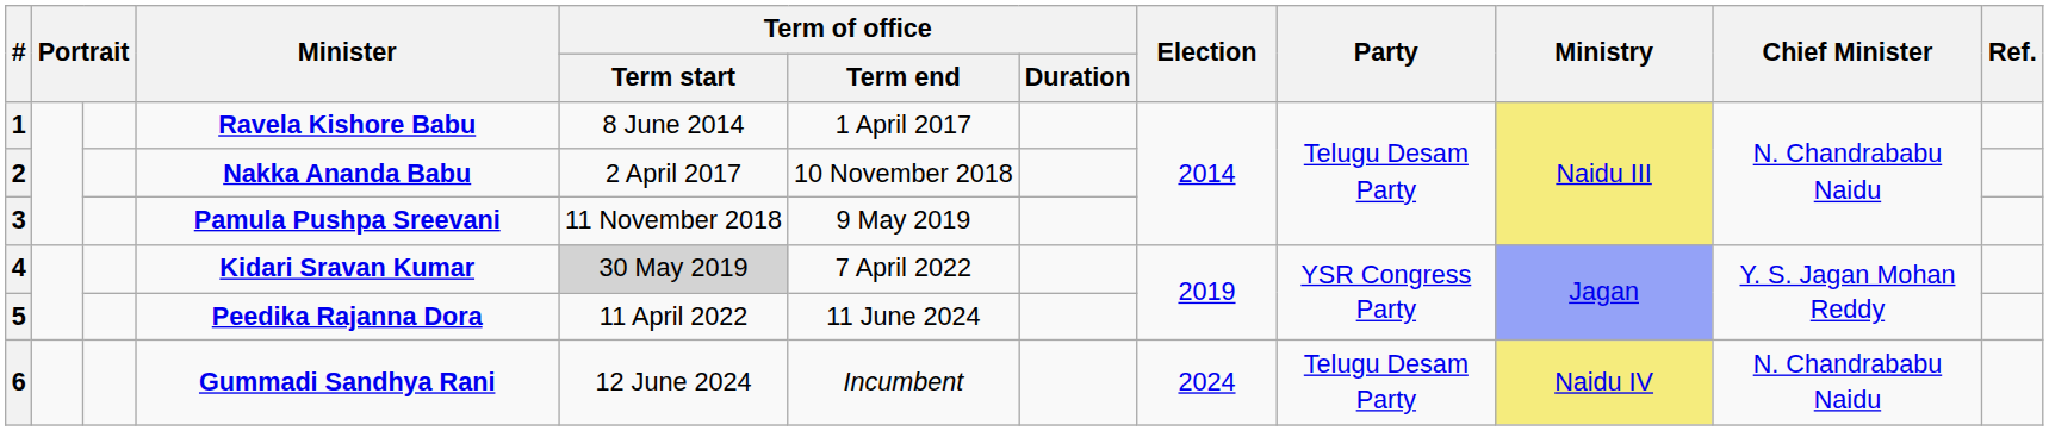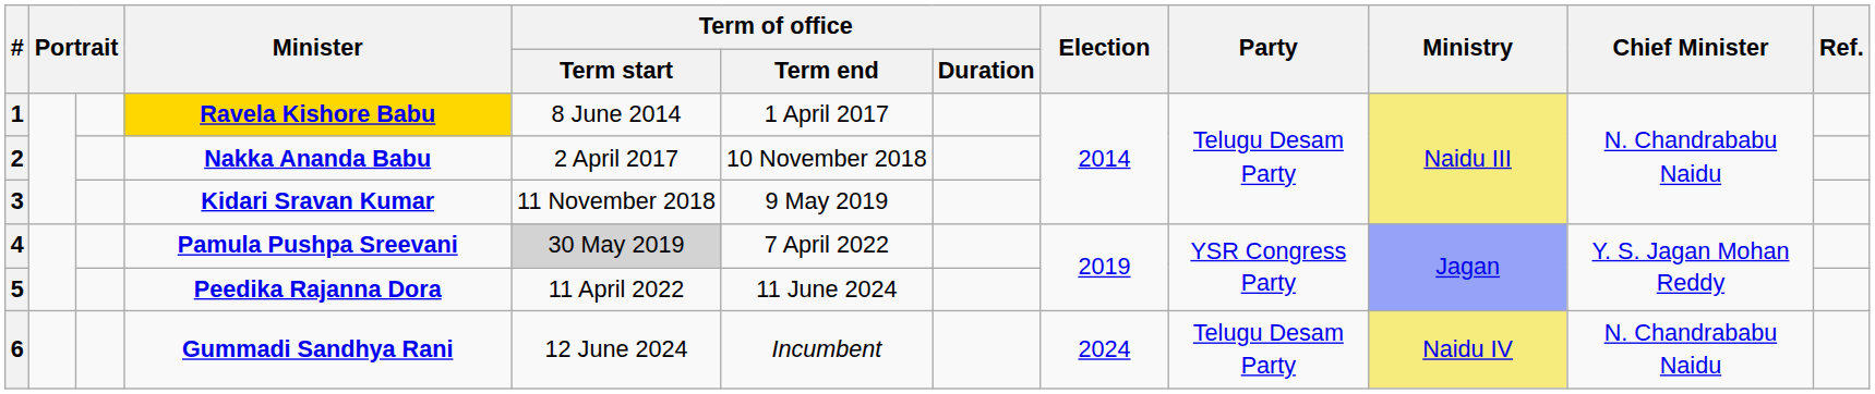 <table class="wikitable" style="line-height:1.4em; text-align:center">
 <tr>
 <th rowspan=2>#</th>
 <th rowspan=2 colspan="2">Portrait</th>
 <th rowspan=2 style="width:16em">Minister<br></th>
 <th colspan="3">Term of office</th>
 <th rowspan=2 style="width:5em">Election<br></th>
 <th rowspan=2 style="width:8em">Party</th>
 <th rowspan=2 style="width:8em">Ministry</th>
 <th rowspan=2 style="width:10em">Chief Minister</th>
 <th rowspan=2>Ref.</th>
 </tr>
 <tr>
 <th>Term start</th>
 <th>Term end</th>
 <th>Duration</th>
 </tr>
 <tr>
 <th>1</th>
 <td rowspan=3></td>
 <td></td>
-<td><strong><a href='#'>Ravela Kishore Babu</a></strong><br></td>
+<td style="background: gold;"><strong><a href='#'>Ravela Kishore Babu</a></strong><br></td>
 <td>8 June 2014</td>
 <td>1 April 2017</td>
 <td><strong></strong></td>
 <td rowspan=3><a href='#'>2014</a><br></td>
 <td rowspan=3><a href='#'>Telugu Desam Party</a></td>
 <td rowspan=3 bgcolor="#F5EC7D"><a href='#'>Naidu III</a></td>
 <td rowspan=3><a href='#'>N. Chandrababu Naidu</a></td>
 <td></td>
 </tr>
 <tr>
 <th>2</th>
 <td></td>
 <td><strong><a href='#'>Nakka Ananda Babu</a></strong><br></td>
 <td>2 April 2017</td>
 <td>10 November 2018</td>
 <td><strong></strong></td>
 <td></td>
 </tr>
 <tr>
 <th>3</th>
 <td></td>
-<td><strong><a href='#'>Pamula Pushpa Sreevani</a></strong><br></td>
+<td><strong><a href='#'>Kidari Sravan Kumar</a></strong><br></td>
 <td>11 November 2018</td>
 <td>9 May 2019</td>
 <td><strong></strong></td>
 <td></td>
 </tr>
 <tr>
 <th>4</th>
 <td rowspan=2></td>
 <td></td>
-<td><strong><a href='#'>Kidari Sravan Kumar</a></strong><br></td>
+<td><strong><a href='#'>Pamula Pushpa Sreevani</a></strong><br></td>
 <td style="background: lightgrey;">30 May 2019</td>
 <td>7 April 2022</td>
 <td><strong></strong></td>
 <td rowspan=2><a href='#'>2019</a><br></td>
 <td rowspan="2"><a href='#'>YSR Congress Party</a></td>
 <td rowspan=2 bgcolor="#94A2F7"><a href='#'>Jagan</a></td>
 <td rowspan="2"><a href='#'>Y. S. Jagan Mohan Reddy</a></td>
 <td></td>
 </tr>
 <tr>
 <th>5</th>
 <td></td>
 <td><strong><a href='#'>Peedika Rajanna Dora</a></strong><br></td>
 <td>11 April 2022</td>
 <td>11 June 2024</td>
 <td><strong></strong></td>
 <td></td>
 </tr>
 <tr>
 <th>6</th>
 <td></td>
 <td></td>
 <td><strong><a href='#'>Gummadi Sandhya Rani</a></strong><br></td>
 <td>12 June 2024</td>
 <td><em>Incumbent</em></td>
 <td><strong></strong></td>
 <td><a href='#'>2024</a><br></td>
 <td><a href='#'>Telugu Desam Party</a></td>
 <td bgcolor="#F5EC7D"><a href='#'>Naidu IV</a></td>
 <td><a href='#'>N. Chandrababu Naidu</a></td>
 <td></td>
 </tr>
 </table>
